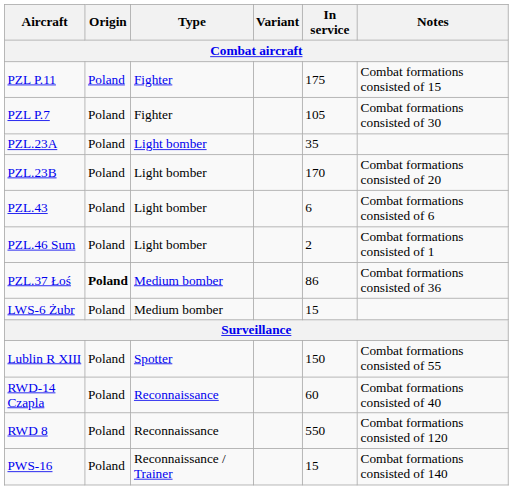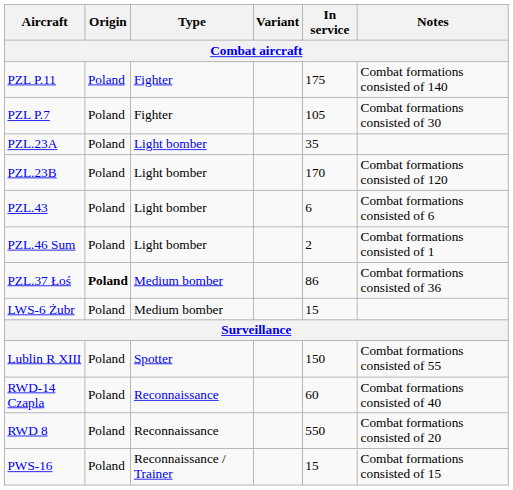 <table class="wikitable">
 <tr>
 <th style="text-align:center;">Aircraft</th>
 <th style="text-align: center;">Origin</th>
 <th style="text-align:l center;">Type</th>
 <th style="text-align:left;">Variant</th>
 <th style="text-align:center;">In service</th>
 <th style="text-align: center;">Notes</th>
 </tr>
 <tr>
 <th style="align: center; " colspan="7"><a href='#'>Combat aircraft</a></th>
 </tr>
 <tr>
 <td><a href='#'>PZL P.11</a></td>
 <td><a href='#'>Poland</a></td>
 <td><a href='#'>Fighter</a></td>
 <td></td>
 <td>175</td>
-<td>Combat formations consisted of 15</td>
+<td>Combat formations consisted of 140</td>
 </tr>
 <tr>
 <td><a href='#'>PZL P.7</a></td>
 <td>Poland</td>
 <td>Fighter</td>
 <td></td>
 <td>105</td>
 <td>Combat formations consisted of 30</td>
 </tr>
 <tr>
 <td><a href='#'>PZL.23A</a></td>
 <td>Poland</td>
 <td><a href='#'>Light bomber</a></td>
 <td></td>
 <td>35</td>
 <td></td>
 </tr>
 <tr>
 <td><a href='#'>PZL.23B</a></td>
 <td>Poland</td>
 <td>Light bomber</td>
 <td></td>
 <td>170</td>
-<td>Combat formations consisted of 20</td>
+<td>Combat formations consisted of 120</td>
 </tr>
 <tr>
 <td><a href='#'>PZL.43</a></td>
 <td>Poland</td>
 <td>Light bomber</td>
 <td></td>
 <td>6</td>
 <td>Combat formations consisted of 6</td>
 </tr>
 <tr>
 <td><a href='#'>PZL.46 Sum</a></td>
 <td>Poland</td>
 <td>Light bomber</td>
 <td></td>
 <td>2</td>
 <td>Combat formations consisted of 1</td>
 </tr>
 <tr>
 <td><a href='#'>PZL.37 Łoś</a></td>
 <td><strong>Poland</strong></td>
 <td><a href='#'>Medium bomber</a></td>
 <td></td>
 <td>86</td>
 <td>Combat formations consisted of 36</td>
 </tr>
 <tr>
 <td><a href='#'>LWS-6 Żubr</a></td>
 <td>Poland</td>
 <td>Medium bomber</td>
 <td></td>
 <td>15</td>
 <td></td>
 </tr>
 <tr>
 <th style="align: center; " colspan="7"><a href='#'>Surveillance</a></th>
 </tr>
 <tr>
 <td><a href='#'>Lublin R XIII</a></td>
 <td>Poland</td>
 <td><a href='#'>Spotter</a></td>
 <td></td>
 <td>150</td>
 <td>Combat formations consisted of 55</td>
 </tr>
 <tr>
 <td><a href='#'>RWD-14 Czapla</a></td>
 <td>Poland</td>
 <td><a href='#'>Reconnaissance</a></td>
 <td></td>
 <td>60</td>
 <td>Combat formations consisted of 40</td>
 </tr>
 <tr>
 <td><a href='#'>RWD 8</a></td>
 <td>Poland</td>
 <td>Reconnaissance</td>
 <td></td>
 <td>550</td>
-<td>Combat formations consisted of 120</td>
+<td>Combat formations consisted of 20</td>
 </tr>
 <tr>
 <td><a href='#'>PWS-16</a></td>
 <td>Poland</td>
 <td>Reconnaissance / <a href='#'>Trainer</a></td>
 <td></td>
 <td>15</td>
-<td>Combat formations consisted of 140</td>
+<td>Combat formations consisted of 15</td>
 </tr>
 </table>
